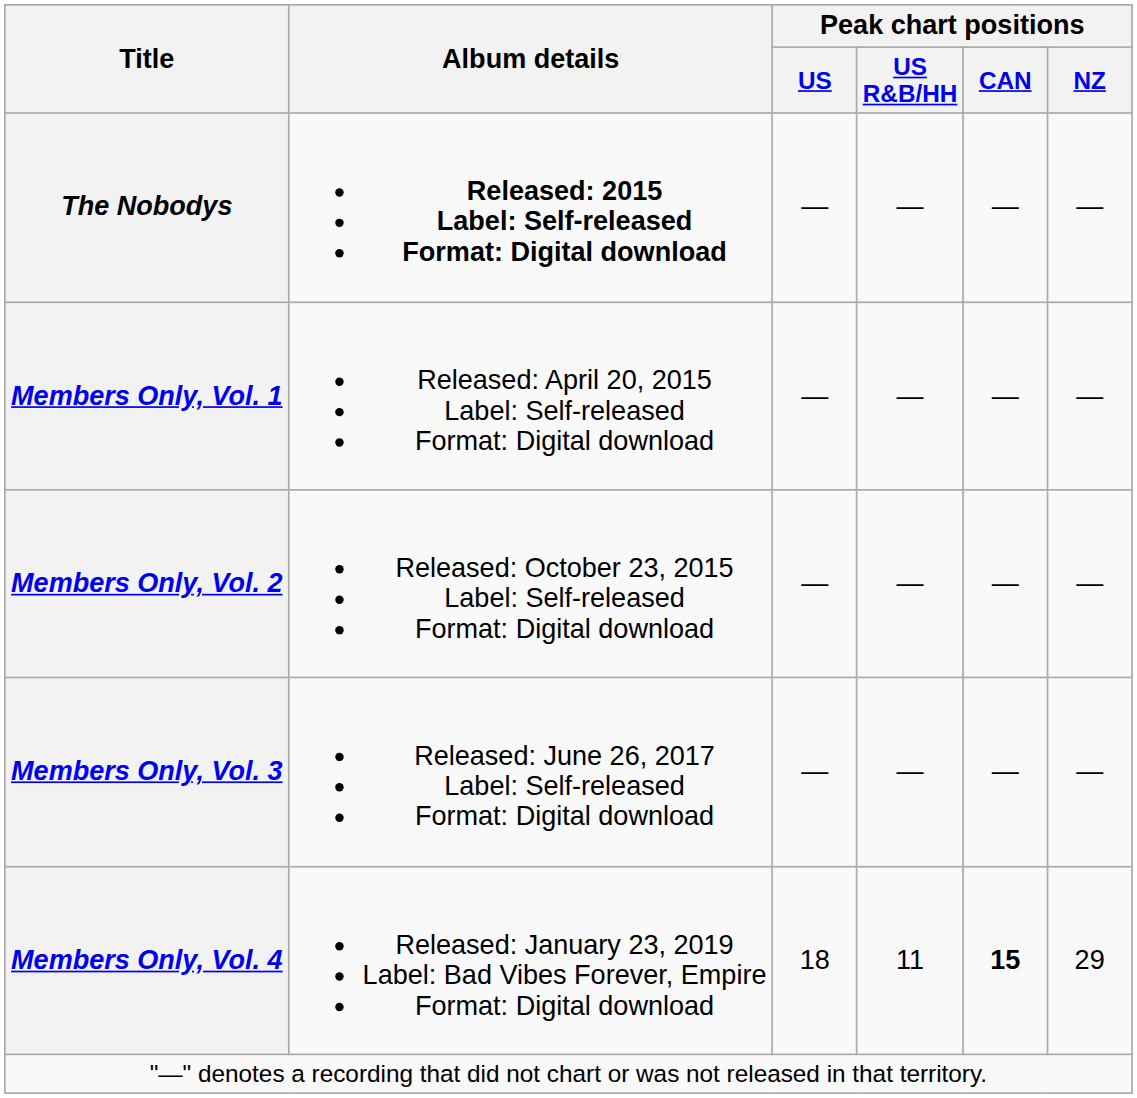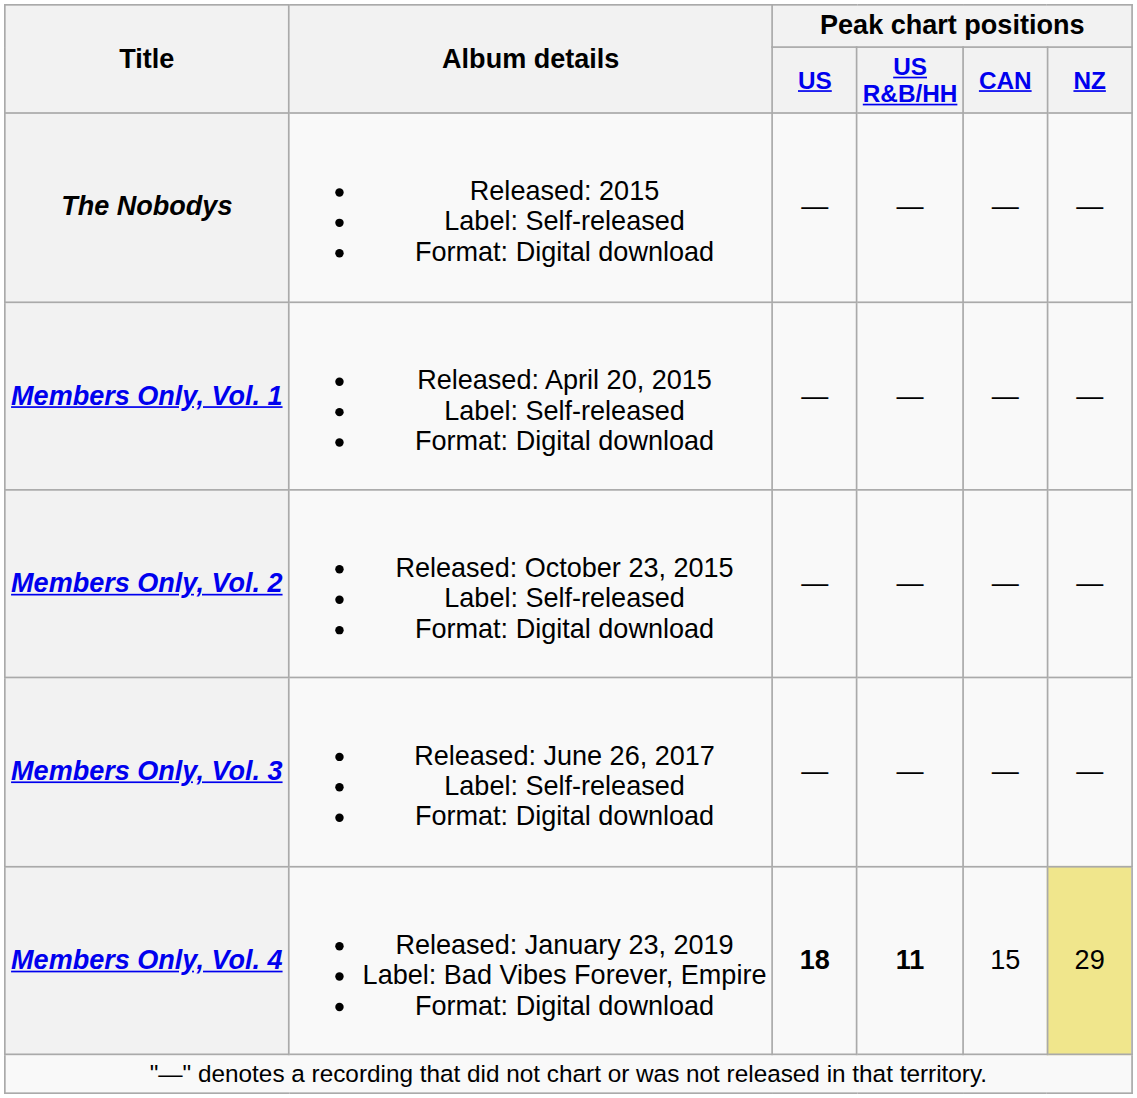 <table class="wikitable plainrowheaders" style="text-align:center;">
 <tr>
 <th rowspan="2">Title</th>
 <th rowspan="2">Album details</th>
 <th colspan="4">Peak chart positions</th>
 </tr>
 <tr>
 <th scope="col" style="width:3em;font-size:90%;"><a href='#'>US</a></th>
 <th scope="col" style="width:3em;font-size:90%;"><a href='#'>US</a><br><a href='#'>R&B/HH</a></th>
 <th scope="col" style="width:3em;font-size:90%;"><a href='#'>CAN</a></th>
 <th scope="col" style="width:3em;font-size:90%;"><a href='#'>NZ</a></th>
 </tr>
 <tr>
 <th scope="row"><em>The Nobodys</em><br></th>
-<td><strong><br><ul><li>Released: 2015</li><li>Label: Self-released</li><li>Format: Digital download</li></ul></strong></td>
+<td><br><ul><li>Released: 2015</li><li>Label: Self-released</li><li>Format: Digital download</li></ul></td>
 <td>—</td>
 <td>—</td>
 <td>—</td>
 <td>—</td>
 </tr>
 <tr>
 <th scope="row"><em><a href='#'>Members Only, Vol. 1</a></em><br></th>
 <td><br><ul><li>Released: April 20, 2015</li><li>Label: Self-released</li><li>Format: Digital download</li></ul></td>
 <td>—</td>
 <td>—</td>
 <td>—</td>
 <td>—</td>
 </tr>
 <tr>
 <th scope="row"><em><a href='#'>Members Only, Vol. 2</a></em><br></th>
 <td><br><ul><li>Released: October 23, 2015</li><li>Label: Self-released</li><li>Format: Digital download</li></ul></td>
 <td>—</td>
 <td>—</td>
 <td>—</td>
 <td>—</td>
 </tr>
 <tr>
 <th scope="row"><em><a href='#'>Members Only, Vol. 3</a></em><br></th>
 <td><br><ul><li>Released: June 26, 2017</li><li>Label: Self-released</li><li>Format: Digital download</li></ul></td>
 <td>—</td>
 <td>—</td>
 <td>—</td>
 <td>—</td>
 </tr>
 <tr>
 <th scope="row"><em><a href='#'>Members Only, Vol. 4</a></em><br></th>
 <td><br><ul><li>Released: January 23, 2019</li><li>Label: Bad Vibes Forever, Empire</li><li>Format: Digital download</li></ul></td>
-<td>18</td>
-<td>11</td>
-<td><strong>15</strong></td>
-<td>29</td>
+<td><strong>18</strong></td>
+<td><strong>11</strong></td>
+<td>15</td>
+<td style="background: khaki;">29</td>
 </tr>
 <tr>
 <td colspan="14" style="font-size:90%">"—" denotes a recording that did not chart or was not released in that territory.</td>
 </tr>
 </table>
